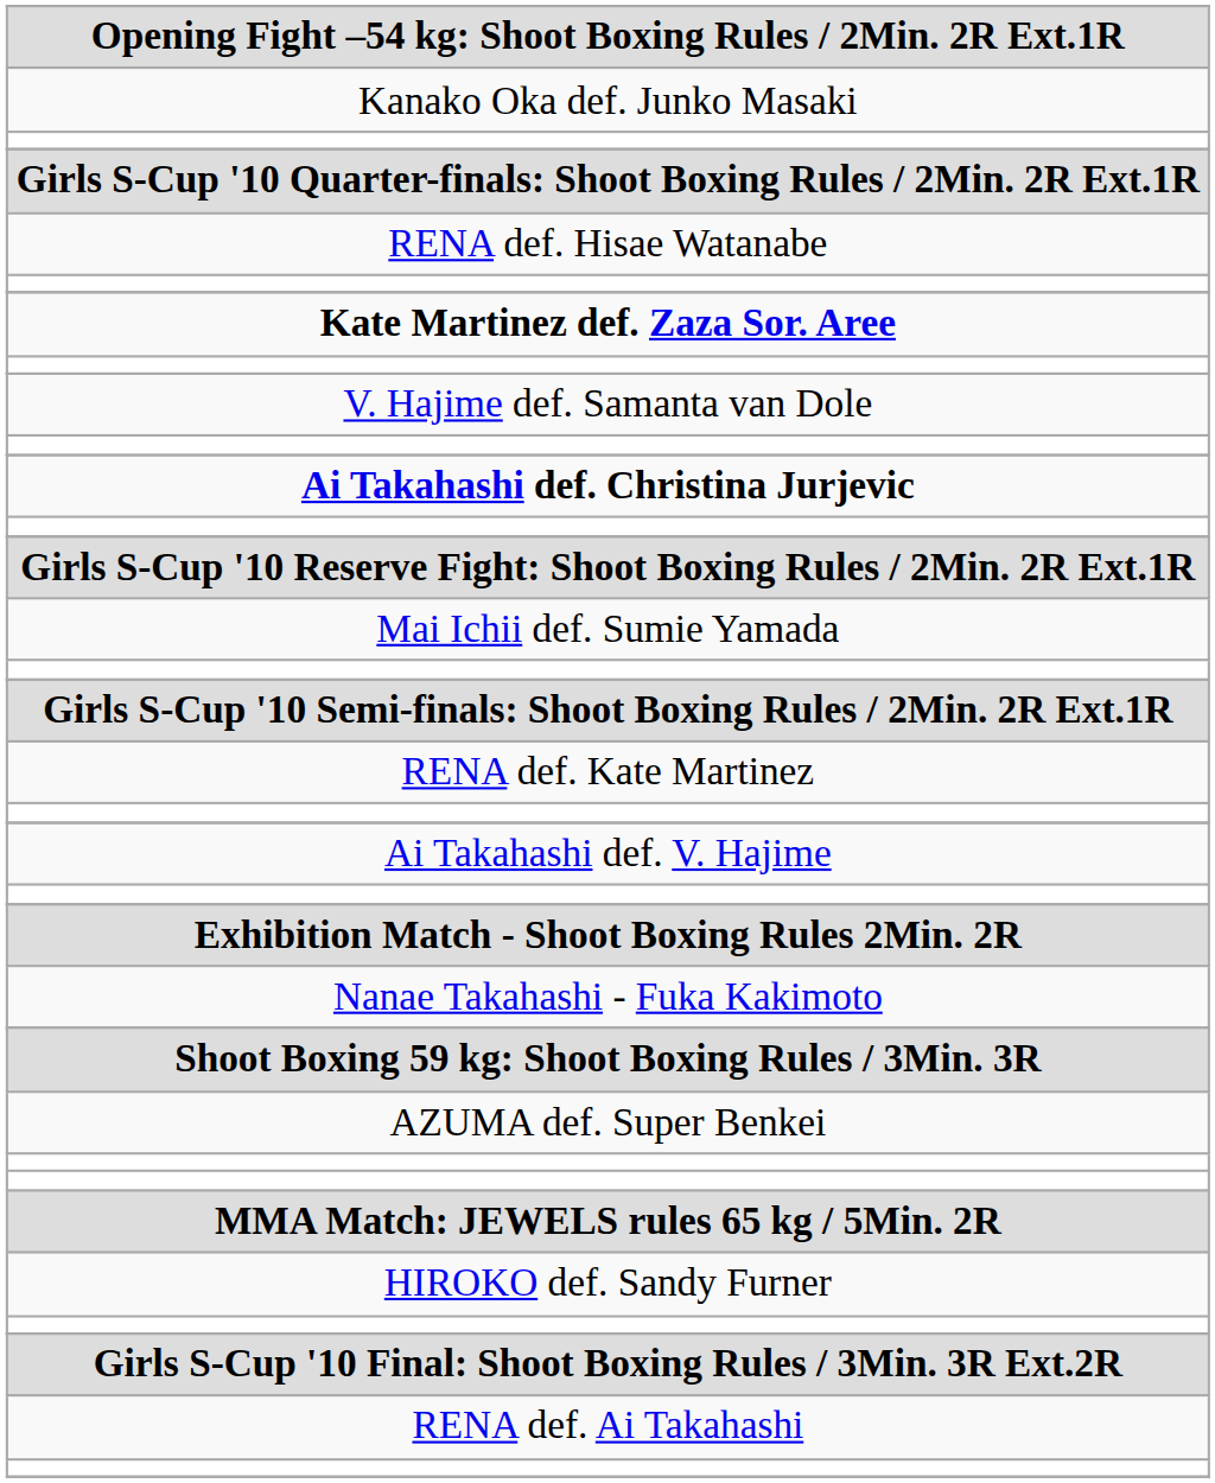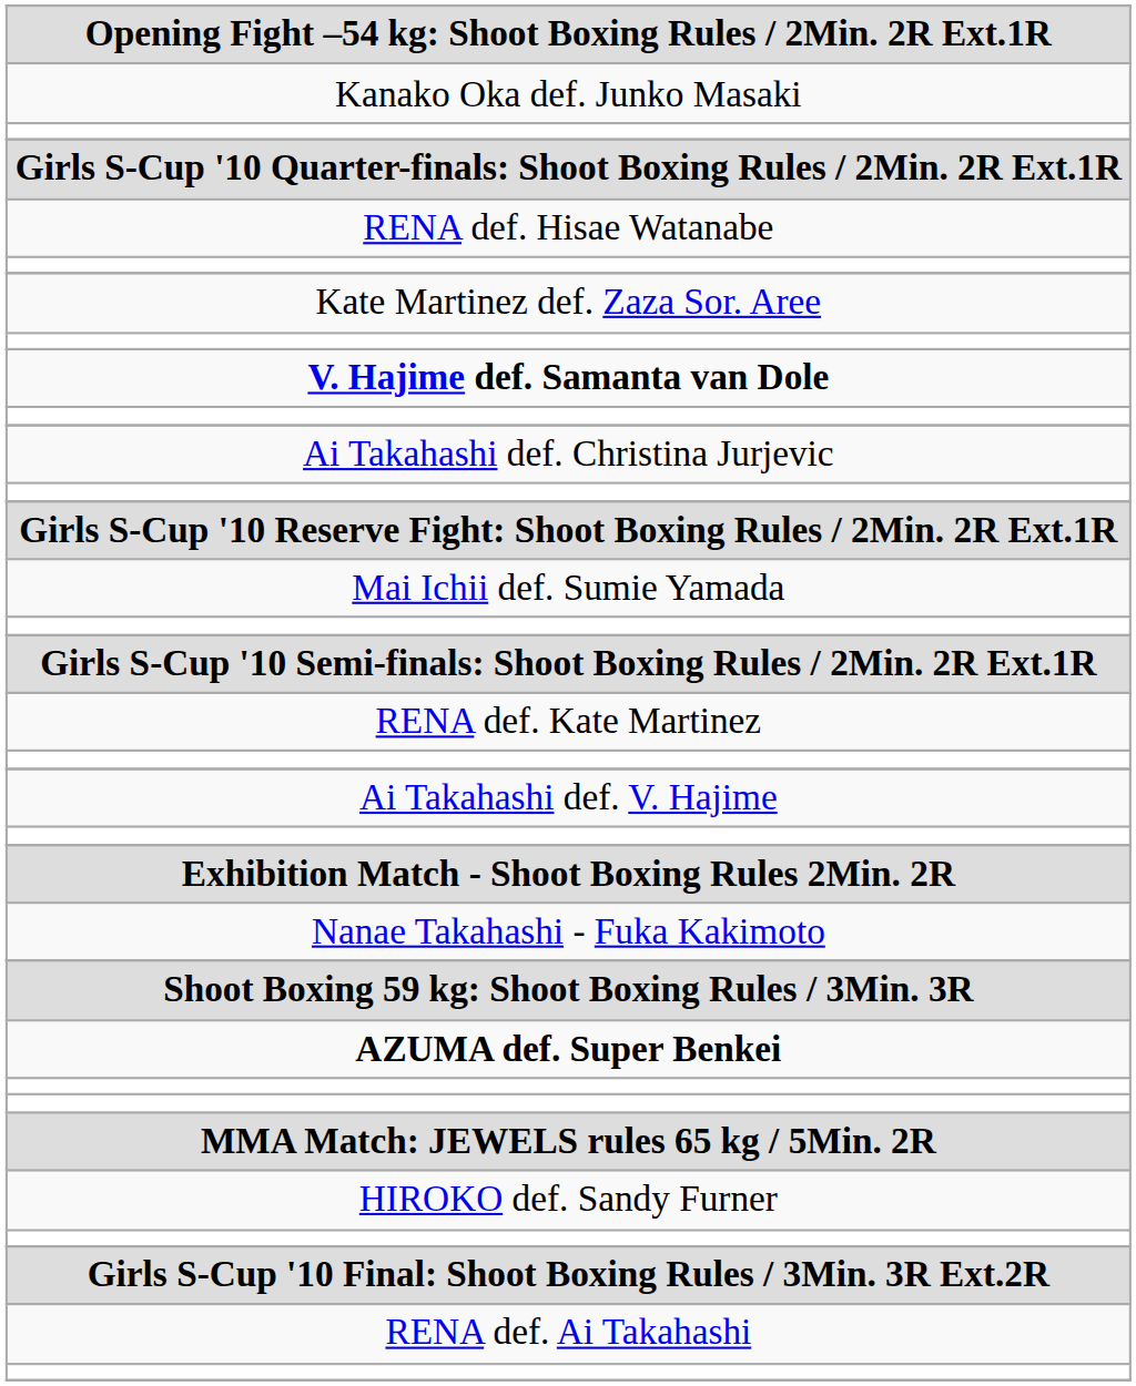 <table class="wikitable" style="clear:both; margin:1.5em auto; text-align:center;">
 <tr>
 </tr>
 <tr align="center"  bgcolor="#dddddd">
 <td><strong>Opening Fight –54 kg: Shoot Boxing Rules / 2Min. 2R Ext.1R</strong></td>
 </tr>
 <tr align="center"  bgcolor=>
 <td align=center> Kanako Oka def. Junko Masaki </td>
 </tr>
 <tr>
 <th style=background:white colspan=2></th>
 </tr>
 <tr>
 </tr>
 <tr align="center"  bgcolor="#dddddd">
 <td><strong>Girls S-Cup '10 Quarter-finals: Shoot Boxing Rules / 2Min. 2R Ext.1R</strong></td>
 </tr>
 <tr align="center"  bgcolor=>
 <td align=center> <a href='#'>RENA</a> def. Hisae Watanabe </td>
 </tr>
 <tr>
 <th style=background:white colspan=2></th>
 </tr>
 <tr>
 </tr>
 <tr align="center"  bgcolor=>
-<td align=center><strong> Kate Martinez def. <a href='#'>Zaza Sor. Aree</a> </strong></td>
+<td align=center> Kate Martinez def. <a href='#'>Zaza Sor. Aree</a> </td>
 </tr>
 <tr>
 <th style=background:white colspan=2></th>
 </tr>
 <tr>
 </tr>
 <tr align="center"  bgcolor=>
-<td align=center> <a href='#'>V. Hajime</a> def. Samanta van Dole </td>
+<td align=center><strong> <a href='#'>V. Hajime</a> def. Samanta van Dole </strong></td>
 </tr>
 <tr>
 <th style=background:white colspan=2></th>
 </tr>
 <tr>
 </tr>
 <tr align="center"  bgcolor=>
-<td align=center><strong> <a href='#'>Ai Takahashi</a> def. Christina Jurjevic </strong></td>
+<td align=center> <a href='#'>Ai Takahashi</a> def. Christina Jurjevic </td>
 </tr>
 <tr>
 <th style=background:white colspan=2></th>
 </tr>
 <tr>
 </tr>
 <tr align="center"  bgcolor="#dddddd">
 <td><strong>Girls S-Cup '10 Reserve Fight: Shoot Boxing Rules / 2Min. 2R Ext.1R</strong></td>
 </tr>
 <tr align="center"  bgcolor=>
 <td align=center> <a href='#'>Mai Ichii</a> def. Sumie Yamada </td>
 </tr>
 <tr>
 <th style=background:white colspan=2></th>
 </tr>
 <tr>
 </tr>
 <tr align="center"  bgcolor="#dddddd">
 <td><strong>Girls S-Cup '10 Semi-finals: Shoot Boxing Rules / 2Min. 2R Ext.1R</strong></td>
 </tr>
 <tr align="center"  bgcolor=>
 <td align=center> <a href='#'>RENA</a> def. Kate Martinez </td>
 </tr>
 <tr>
 <th style=background:white colspan=2></th>
 </tr>
 <tr>
 </tr>
 <tr align="center"  bgcolor=>
 <td align=center> <a href='#'>Ai Takahashi</a> def. <a href='#'>V. Hajime</a> </td>
 </tr>
 <tr>
 <th style=background:white colspan=2></th>
 </tr>
 <tr>
 </tr>
 <tr align="center"  bgcolor="#dddddd">
 <td><strong>Exhibition Match - Shoot Boxing Rules 2Min. 2R</strong></td>
 </tr>
 <tr align="center"  bgcolor=>
 <td align=center> <a href='#'>Nanae Takahashi</a> - <a href='#'>Fuka Kakimoto</a> </td>
 </tr>
 <tr>
 </tr>
 <tr align="center"  bgcolor="#dddddd">
 <td><strong>Shoot Boxing 59 kg: Shoot Boxing Rules / 3Min. 3R</strong></td>
 </tr>
 <tr align="center"  bgcolor=>
-<td align=center> AZUMA def. Super Benkei </td>
+<td align=center><strong> AZUMA def. Super Benkei </strong></td>
 </tr>
 <tr>
 <th style=background:white colspan=2></th>
 </tr>
 <tr>
 <th style=background:white colspan=2></th>
 </tr>
 <tr align="center"  bgcolor="#dddddd">
 <td><strong>MMA Match: JEWELS rules 65 kg / 5Min. 2R</strong></td>
 </tr>
 <tr align="center"  bgcolor=>
 <td align=center> <a href='#'>HIROKO</a> def. Sandy Furner </td>
 </tr>
 <tr>
 <th style=background:white colspan=2></th>
 </tr>
 <tr>
 </tr>
 <tr align="center"  bgcolor="#dddddd">
 <td><strong>Girls S-Cup '10 Final: Shoot Boxing Rules / 3Min. 3R Ext.2R</strong></td>
 </tr>
 <tr align="center"  bgcolor=>
 <td align=center> <a href='#'>RENA</a> def. <a href='#'>Ai Takahashi</a> </td>
 </tr>
 <tr>
 <th style=background:white colspan=2></th>
 </tr>
 <tr>
 </tr>
 </table>
